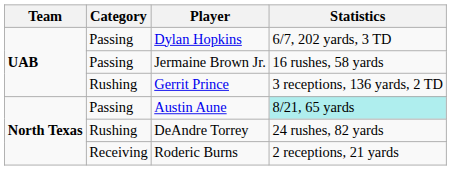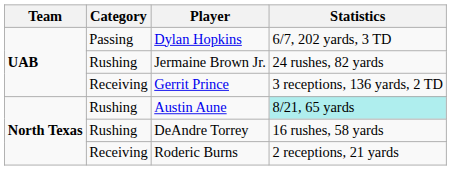 <table class="wikitable" style="float: left;">
 <tr>
 <th>Team</th>
 <th>Category</th>
 <th>Player</th>
 <th>Statistics</th>
 </tr>
 <tr>
 <td rowspan=3><strong>UAB</strong></td>
 <td>Passing</td>
 <td><a href='#'>Dylan Hopkins</a></td>
 <td>6/7, 202 yards, 3 TD</td>
 </tr>
 <tr>
-<td>Passing</td>
+<td>Rushing</td>
 <td>Jermaine Brown Jr.</td>
-<td>16 rushes, 58 yards</td>
+<td>24 rushes, 82 yards</td>
 </tr>
 <tr>
-<td>Rushing</td>
+<td>Receiving</td>
 <td><a href='#'>Gerrit Prince</a></td>
 <td>3 receptions, 136 yards, 2 TD</td>
 </tr>
 <tr>
 <td rowspan=3><strong>North Texas</strong></td>
-<td>Passing</td>
+<td>Rushing</td>
 <td><a href='#'>Austin Aune</a></td>
 <td style="background: paleturquoise;">8/21, 65 yards</td>
 </tr>
 <tr>
 <td>Rushing</td>
 <td>DeAndre Torrey</td>
-<td>24 rushes, 82 yards</td>
+<td>16 rushes, 58 yards</td>
 </tr>
 <tr>
 <td>Receiving</td>
 <td>Roderic Burns</td>
 <td>2 receptions, 21 yards</td>
 </tr>
 </table>
